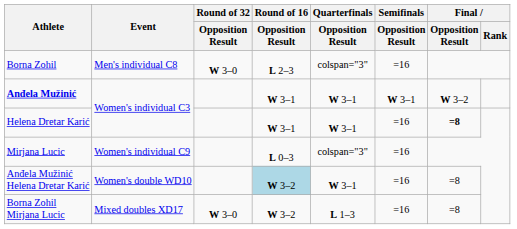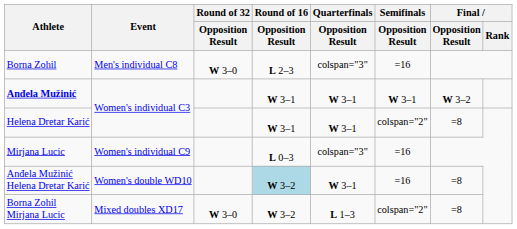 <table class=wikitable style="font-size:90%">
 <tr align=center>
 <th rowspan="2">Athlete</th>
 <th rowspan="2">Event</th>
 <th>Round of 32</th>
 <th>Round of 16</th>
 <th>Quarterfinals</th>
 <th>Semifinals</th>
 <th colspan="2">Final / </th>
 </tr>
 <tr>
 <th>Opposition<br>Result</th>
 <th>Opposition<br>Result</th>
 <th>Opposition<br>Result</th>
 <th>Opposition<br>Result</th>
 <th>Opposition<br>Result</th>
 <th>Rank</th>
 </tr>
 <tr align=center>
 <td align=left><a href='#'>Borna Zohil</a></td>
 <td align=left><a href='#'>Men's individual C8</a></td>
 <td><br><strong>W</strong> 3–0</td>
 <td> <br><strong>L</strong> 2–3</td>
 <td>colspan="3" </td>
 <td>=16</td>
 </tr>
 <tr align=center>
 <td align=left><strong><a href='#'>Anđela Mužinić</a></strong></td>
 <td align=left rowspan=2><a href='#'>Women's individual C3</a></td>
 <td></td>
 <td><br><strong>W</strong> 3–1</td>
 <td><br><strong>W</strong> 3–1</td>
 <td><br><strong>W</strong> 3–1</td>
 <td><br><strong>W</strong> 3–2</td>
 <td></td>
 </tr>
 <tr align=center>
 <td align=left><a href='#'>Helena Dretar Karić</a></td>
 <td></td>
 <td><br><strong>W</strong> 3–1</td>
 <td><br><strong>W</strong> 3–1</td>
-<td>=16</td>
-<td><strong>=8</strong></td>
+<td>colspan="2" </td>
+<td>=8</td>
 </tr>
 <tr align=center>
 <td align=left><a href='#'>Mirjana Lucic</a></td>
 <td align=left><a href='#'>Women's individual C9</a></td>
 <td></td>
 <td><br><strong>L</strong> 0–3</td>
 <td>colspan="3" </td>
 <td>=16</td>
 </tr>
 <tr align=center>
 <td align=left><a href='#'>Anđela Mužinić</a><br><a href='#'>Helena Dretar Karić</a></td>
 <td align=left><a href='#'>Women's double WD10</a></td>
 <td></td>
 <td style="background: lightblue;"><br><strong>W</strong> 3–2</td>
 <td><br><strong>W</strong> 3–1</td>
 <td>=16</td>
 <td>=8</td>
 </tr>
 <tr align=center>
 <td align=left><a href='#'>Borna Zohil</a><br><a href='#'>Mirjana Lucic</a></td>
 <td align=left><a href='#'>Mixed doubles XD17</a></td>
 <td><br><strong>W</strong> 3–0</td>
 <td><br><strong>W</strong> 3–2</td>
 <td><br><strong>L</strong> 1–3</td>
-<td>=16</td>
+<td>colspan="2" </td>
 <td>=8</td>
 </tr>
 </table>
